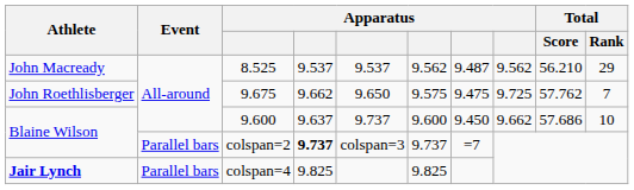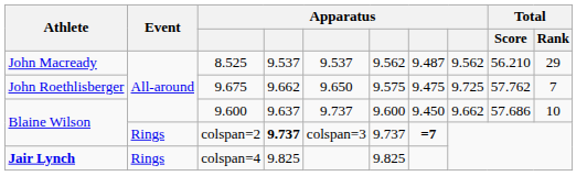 <table class=wikitable style=font-size:90%;text-align:center>
 <tr>
 <th rowspan=2>Athlete</th>
 <th rowspan=2>Event</th>
 <th colspan=6>Apparatus</th>
 <th colspan=2>Total</th>
 </tr>
 <tr style=font-size:95%>
 <th></th>
 <th></th>
 <th></th>
 <th></th>
 <th></th>
 <th></th>
 <th>Score</th>
 <th>Rank</th>
 </tr>
 <tr>
 <td align=left><a href='#'>John Macready</a></td>
 <td align=left rowspan=3><a href='#'>All-around</a></td>
 <td>8.525</td>
 <td>9.537</td>
 <td>9.537</td>
 <td>9.562</td>
 <td>9.487</td>
 <td>9.562</td>
 <td>56.210</td>
 <td>29</td>
 </tr>
 <tr>
 <td align=left><a href='#'>John Roethlisberger</a></td>
 <td>9.675</td>
 <td>9.662</td>
 <td>9.650</td>
 <td>9.575</td>
 <td>9.475</td>
 <td>9.725</td>
 <td>57.762</td>
 <td>7</td>
 </tr>
 <tr>
 <td align=left rowspan=2><a href='#'>Blaine Wilson</a></td>
 <td>9.600</td>
 <td>9.637</td>
 <td>9.737</td>
 <td>9.600</td>
 <td>9.450</td>
 <td>9.662</td>
 <td>57.686</td>
 <td>10</td>
 </tr>
 <tr>
-<td align=left><a href='#'>Parallel bars</a></td>
+<td align=left><a href='#'>Rings</a></td>
 <td>colspan=2 </td>
 <td><strong>9.737</strong></td>
 <td>colspan=3 </td>
 <td>9.737</td>
-<td>=7</td>
+<td><strong>=7</strong></td>
 </tr>
 <tr>
 <td align=left><strong><a href='#'>Jair Lynch</a></strong></td>
-<td align=left><a href='#'>Parallel bars</a></td>
+<td align=left><a href='#'>Rings</a></td>
 <td>colspan=4 </td>
 <td>9.825</td>
 <td></td>
 <td>9.825</td>
 <td></td>
 </tr>
 </table>
